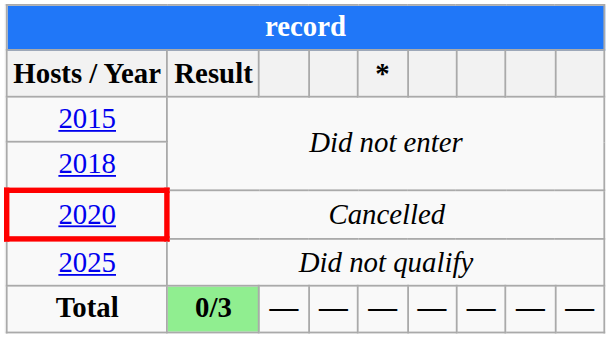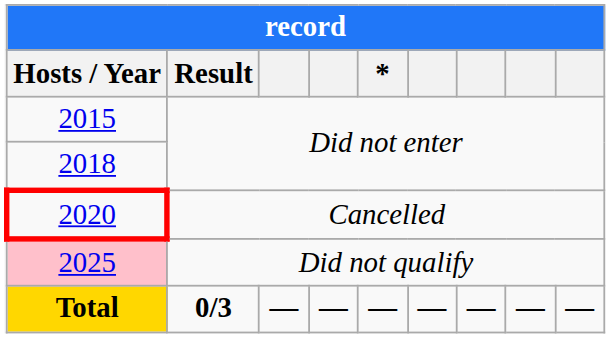 <table class="wikitable mw-collapsible" style="text-align: center;font-size:100%;">
 <tr>
 <th colspan="9" style="background: #2077F8; color: white;"><a href='#'></a> record</th>
 </tr>
 <tr>
 <th>Hosts / Year</th>
 <th>Result</th>
 <th width=20></th>
 <th width=20></th>
 <th width=20>*</th>
 <th width=20></th>
 <th width=20></th>
 <th width=20></th>
 <th width=20></th>
 </tr>
 <tr>
 <td> <a href='#'>2015</a></td>
 <td colspan=8 rowspan=2><em>Did not enter</em></td>
 </tr>
 <tr>
 <td> <a href='#'>2018</a></td>
 </tr>
 <tr>
 <td style="border: 3px solid red"> <a href='#'>2020</a></td>
 <td colspan=8><em>Cancelled</em></td>
 </tr>
 <tr>
-<td> <a href='#'>2025</a></td>
+<td style="background: pink;"> <a href='#'>2025</a></td>
 <td colspan=8><em>Did not qualify</em></td>
 </tr>
 <tr>
-<td><strong>Total</strong></td>
-<td style="background: lightgreen;"><strong>0/3</strong></td>
+<td style="background: gold;"><strong>Total</strong></td>
+<td><strong>0/3</strong></td>
 <td><strong>—</strong></td>
 <td><strong>—</strong></td>
 <td><strong>—</strong></td>
 <td><strong>—</strong></td>
 <td><strong>—</strong></td>
 <td><strong>—</strong></td>
 <td><strong>—</strong></td>
 </tr>
 </table>
